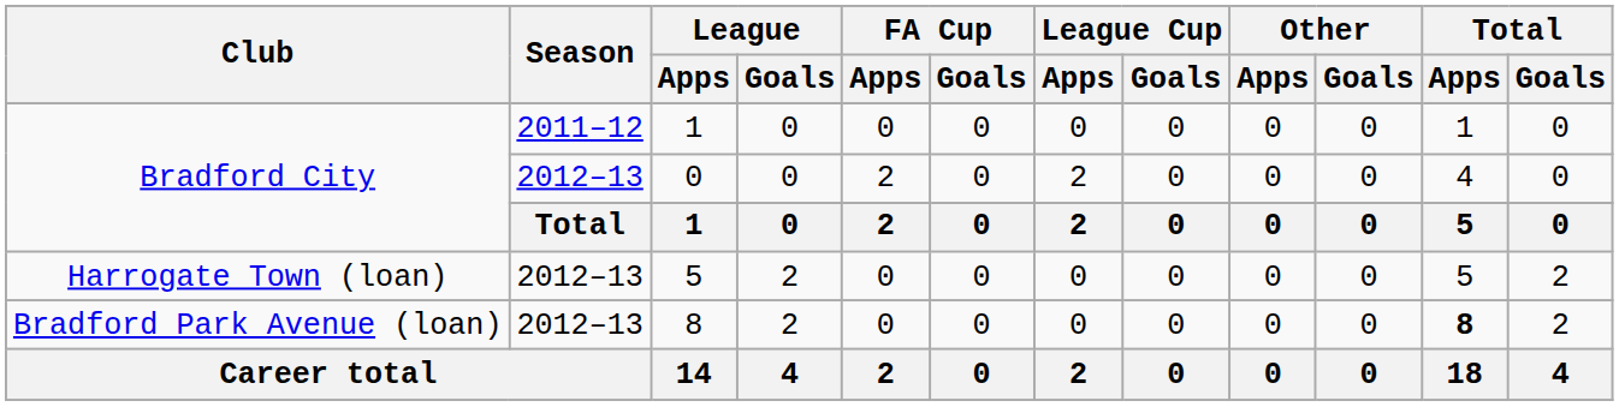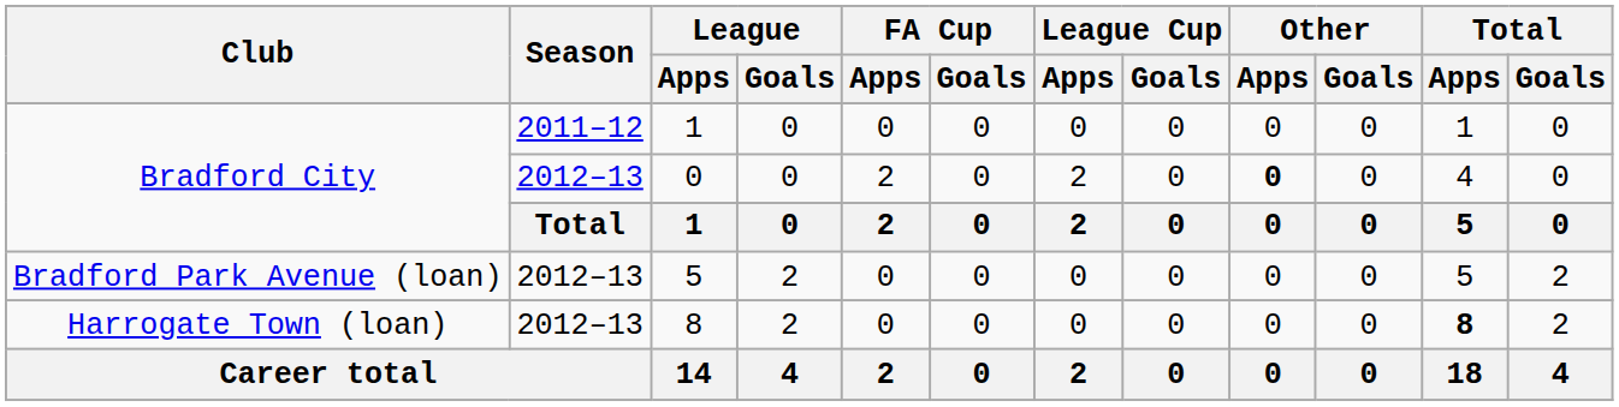 <table class="wikitable" style="text-align: center;">
 <tr>
 <th rowspan="2">Club</th>
 <th rowspan="2">Season</th>
 <th colspan="2">League</th>
 <th colspan="2">FA Cup</th>
 <th colspan="2">League Cup</th>
 <th colspan="2">Other</th>
 <th colspan="2">Total</th>
 </tr>
 <tr>
 <th>Apps</th>
 <th>Goals</th>
 <th>Apps</th>
 <th>Goals</th>
 <th>Apps</th>
 <th>Goals</th>
 <th>Apps</th>
 <th>Goals</th>
 <th>Apps</th>
 <th>Goals</th>
 </tr>
 <tr>
 <td rowspan="3" valign="center"><a href='#'>Bradford City</a></td>
 <td><a href='#'>2011–12</a></td>
 <td>1</td>
 <td>0</td>
 <td>0</td>
 <td>0</td>
 <td>0</td>
 <td>0</td>
 <td>0</td>
 <td>0</td>
 <td>1</td>
 <td>0</td>
 </tr>
 <tr>
 <td><a href='#'>2012–13</a></td>
 <td>0</td>
 <td>0</td>
 <td>2</td>
 <td>0</td>
 <td>2</td>
 <td>0</td>
-<td>0</td>
+<td><strong>0</strong></td>
 <td>0</td>
 <td>4</td>
 <td>0</td>
 </tr>
 <tr>
 <th>Total</th>
 <th>1</th>
 <th>0</th>
 <th>2</th>
 <th>0</th>
 <th>2</th>
 <th>0</th>
 <th>0</th>
 <th>0</th>
 <th>5</th>
 <th>0</th>
 </tr>
 <tr>
-<td rowspan="1" valign="center"><a href='#'>Harrogate Town</a> (loan)</td>
+<td rowspan="1" valign="center"><a href='#'>Bradford Park Avenue</a> (loan)</td>
 <td>2012–13</td>
 <td>5</td>
 <td>2</td>
 <td>0</td>
 <td>0</td>
 <td>0</td>
 <td>0</td>
 <td>0</td>
 <td>0</td>
 <td>5</td>
 <td>2</td>
 </tr>
 <tr>
-<td rowspan="1" valign="center"><a href='#'>Bradford Park Avenue</a> (loan)</td>
+<td rowspan="1" valign="center"><a href='#'>Harrogate Town</a> (loan)</td>
 <td>2012–13</td>
 <td>8</td>
 <td>2</td>
 <td>0</td>
 <td>0</td>
 <td>0</td>
 <td>0</td>
 <td>0</td>
 <td>0</td>
 <td><strong>8</strong></td>
 <td>2</td>
 </tr>
 <tr>
 <th colspan="2">Career total</th>
 <th>14</th>
 <th>4</th>
 <th>2</th>
 <th>0</th>
 <th>2</th>
 <th>0</th>
 <th>0</th>
 <th>0</th>
 <th>18</th>
 <th>4</th>
 </tr>
 </table>
